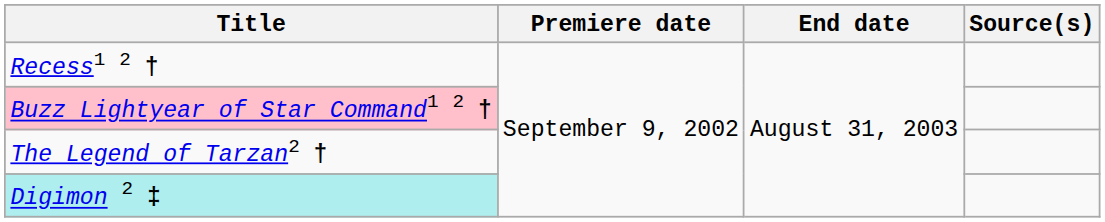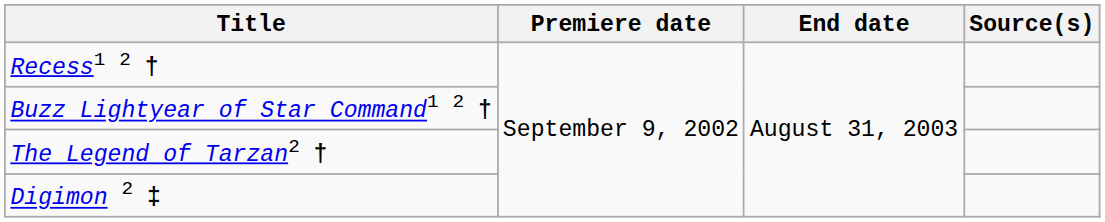 <table class="wikitable sortable">
 <tr>
 <th>Title</th>
 <th>Premiere date</th>
 <th>End date</th>
 <th>Source(s)</th>
 </tr>
 <tr>
 <td><em><a href='#'>Recess</a></em><sup>1</sup> <sup>2</sup> <strong>†</strong></td>
 <td rowspan=4>September 9, 2002</td>
 <td rowspan=4>August 31, 2003</td>
 <td></td>
 </tr>
 <tr>
-<td style="background: pink;"><em><a href='#'>Buzz Lightyear of Star Command</a></em><sup>1</sup> <sup>2</sup> <strong>†</strong></td>
+<td><em><a href='#'>Buzz Lightyear of Star Command</a></em><sup>1</sup> <sup>2</sup> <strong>†</strong></td>
 <td></td>
 </tr>
 <tr>
 <td><em><a href='#'>The Legend of Tarzan</a></em><sup>2</sup> <strong>†</strong></td>
 <td></td>
 </tr>
 <tr>
-<td style="background: paleturquoise;"><em><a href='#'>Digimon</a></em> <sup>2</sup> <strong>‡</strong></td>
+<td><em><a href='#'>Digimon</a></em> <sup>2</sup> <strong>‡</strong></td>
 <td></td>
 </tr>
 </table>
